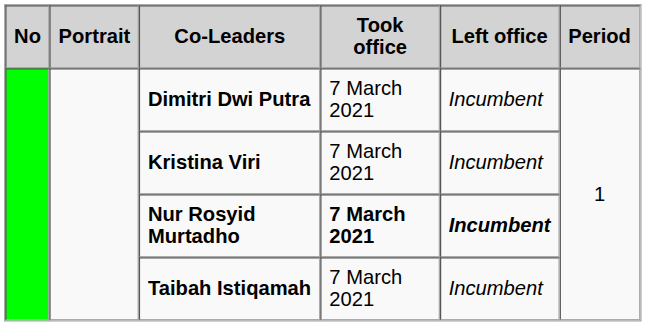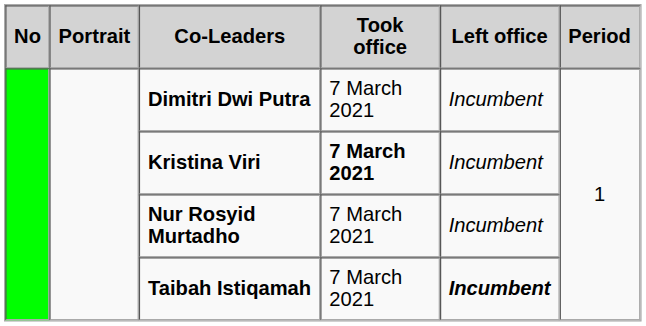 <table class="sortable" width="40%" border="2" cellpadding="6" cellspacing="0" style="margin: 1em 1em 1em 0; background: #f9f9f9; border: 1px #aaa solid;">
 <tr bgcolor=#d3d3d3>
 <th>No</th>
 <th>Portrait</th>
 <th>Co-Leaders</th>
 <th>Took office</th>
 <th>Left office</th>
 <th>Period</th>
 </tr>
 <tr>
 <td rowspan=4 style="background-color:#00FF00;text-align:center;"></td>
 <td rowspan=4></td>
 <td><strong>Dimitri Dwi Putra</strong></td>
 <td>7 March 2021</td>
 <td><em>Incumbent</em></td>
 <td rowspan=4 style="text-align:center;">1</td>
 </tr>
 <tr>
 <td><strong>Kristina Viri</strong></td>
+<td><strong>7 March 2021</strong></td>
+<td><em>Incumbent</em></td>
+</tr>
+<tr>
+<td><strong>Nur Rosyid Murtadho</strong></td>
 <td>7 March 2021</td>
 <td><em>Incumbent</em></td>
 </tr>
 <tr>
-<td><strong>Nur Rosyid Murtadho</strong></td>
-<td><strong>7 March 2021</strong></td>
+<td><strong>Taibah Istiqamah</strong></td>
+<td>7 March 2021</td>
 <td><strong><em>Incumbent</em></strong></td>
 </tr>
-<tr>
-<td><strong>Taibah Istiqamah</strong></td>
-<td>7 March 2021</td>
-<td><em>Incumbent</em></td>
-</tr>
 </table>
